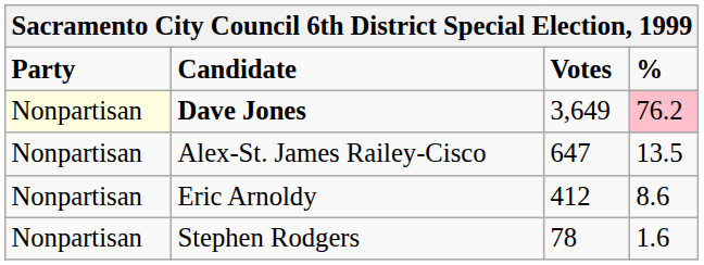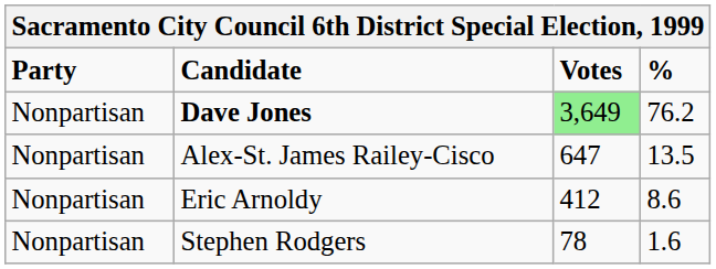 <table class="wikitable">
 <tr>
 <th colspan="4">Sacramento City Council 6th District Special Election, 1999</th>
 </tr>
 <tr>
 <td><strong>Party</strong></td>
 <td><strong>Candidate</strong></td>
 <td><strong>Votes</strong></td>
 <td><strong>%</strong></td>
 </tr>
 <tr>
-<td style="background: lightyellow;">Nonpartisan</td>
+<td>Nonpartisan</td>
 <td><strong>Dave Jones</strong></td>
-<td>3,649</td>
-<td style="background: pink;">76.2</td>
+<td style="background: lightgreen;">3,649</td>
+<td>76.2</td>
 </tr>
 <tr>
 <td>Nonpartisan</td>
 <td>Alex-St. James Railey-Cisco</td>
 <td>647</td>
 <td>13.5</td>
 </tr>
 <tr>
 <td>Nonpartisan</td>
 <td>Eric Arnoldy</td>
 <td>412</td>
 <td>8.6</td>
 </tr>
 <tr>
 <td>Nonpartisan</td>
 <td>Stephen Rodgers</td>
 <td>78</td>
 <td>1.6</td>
 </tr>
 </table>
